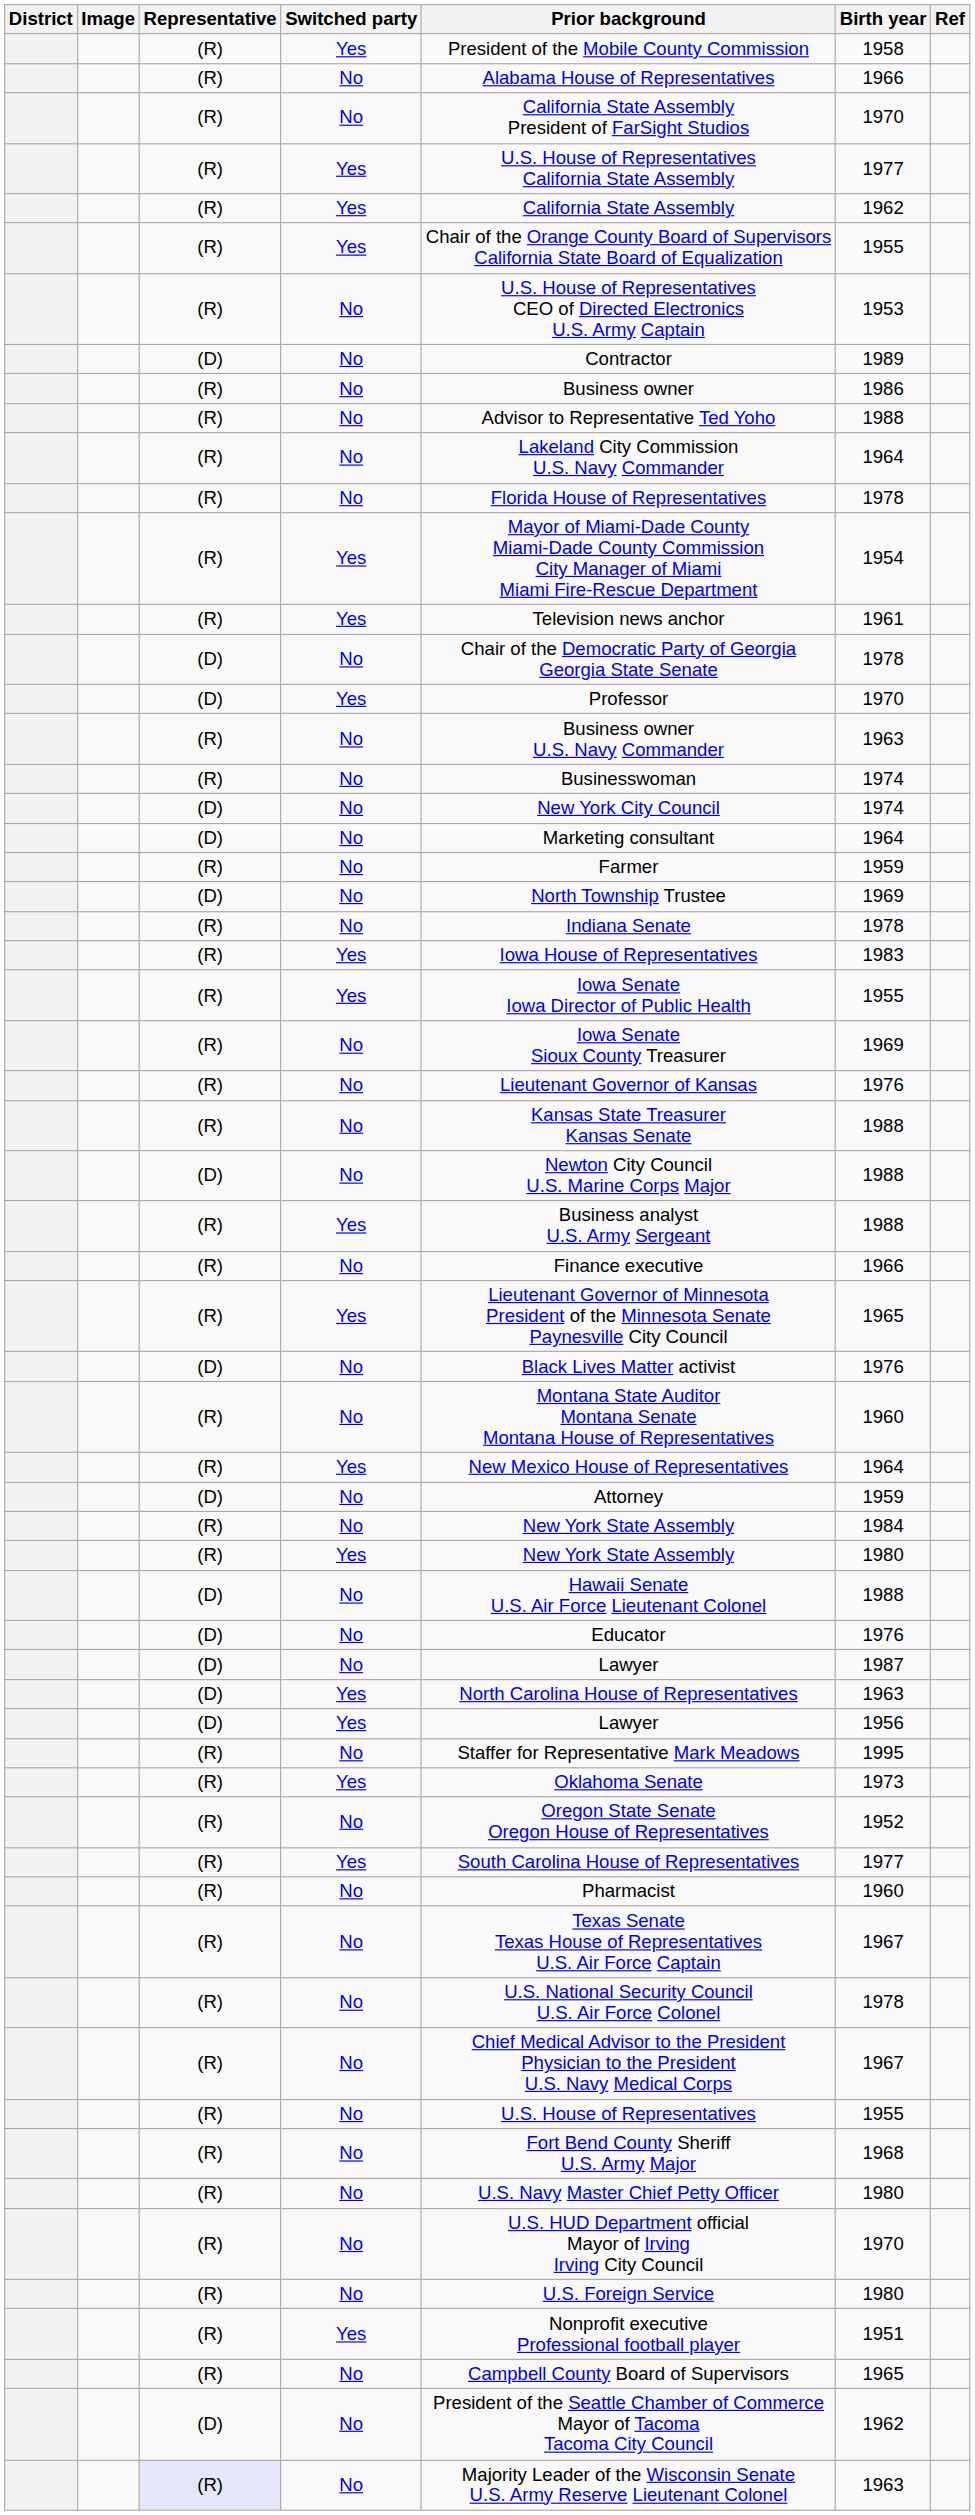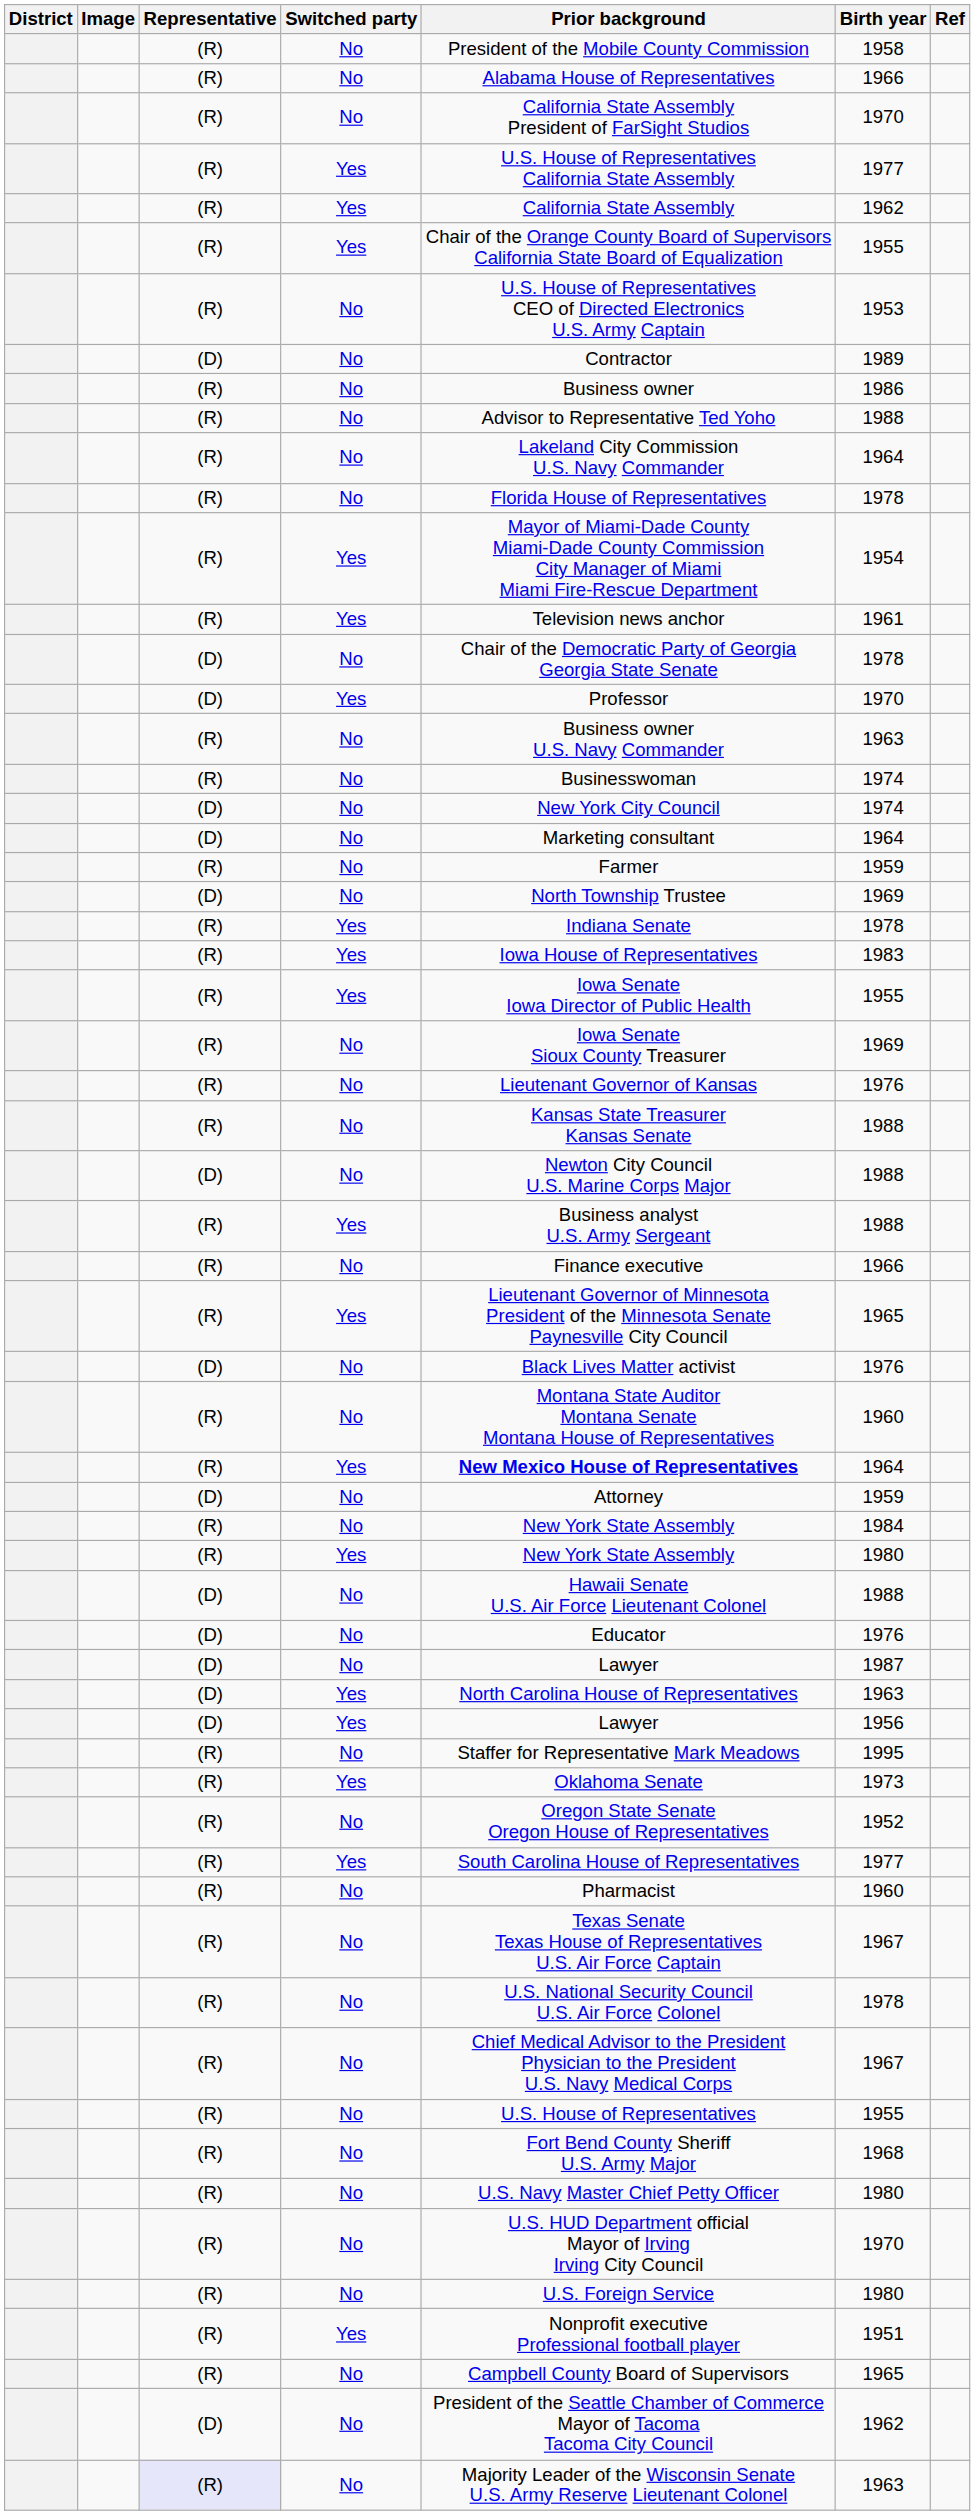 <table class="sortable wikitable" style="text-align:center">
 <tr>
 <th>District</th>
 <th>Image</th>
 <th>Representative</th>
 <th>Switched party</th>
 <th>Prior background</th>
 <th>Birth year</th>
 <th>Ref</th>
 </tr>
 <tr>
 <th></th>
 <td></td>
 <td> (R)</td>
-<td><a href='#'>Yes</a><br></td>
+<td><a href='#'>No</a><br></td>
 <td>President of the <a href='#'>Mobile County Commission</a></td>
 <td>1958</td>
 <td></td>
 </tr>
 <tr>
 <th></th>
 <td></td>
 <td> (R)</td>
 <td><a href='#'>No</a><br></td>
 <td><a href='#'>Alabama House of Representatives</a></td>
 <td>1966</td>
 <td></td>
 </tr>
 <tr>
 <th></th>
 <td></td>
 <td> (R)</td>
 <td><a href='#'>No</a><br></td>
 <td><a href='#'>California State Assembly</a><br>President of <a href='#'>FarSight Studios</a></td>
 <td>1970</td>
 <td></td>
 </tr>
 <tr>
 <th></th>
 <td></td>
 <td> (R)</td>
 <td><a href='#'>Yes</a><br></td>
 <td><a href='#'>U.S. House of Representatives</a><br><a href='#'>California State Assembly</a></td>
 <td>1977</td>
 <td></td>
 </tr>
 <tr>
 <th></th>
 <td></td>
 <td> (R)</td>
 <td><a href='#'>Yes</a><br></td>
 <td><a href='#'>California State Assembly</a></td>
 <td>1962</td>
 <td></td>
 </tr>
 <tr>
 <th></th>
 <td></td>
 <td> (R)</td>
 <td><a href='#'>Yes</a><br></td>
 <td>Chair of the <a href='#'>Orange County Board of Supervisors</a><br><a href='#'>California State Board of Equalization</a></td>
 <td>1955</td>
 <td></td>
 </tr>
 <tr>
 <th></th>
 <td></td>
 <td> (R)</td>
 <td><a href='#'>No</a><br></td>
 <td><a href='#'>U.S. House of Representatives</a><br>CEO of <a href='#'>Directed Electronics</a><br><a href='#'>U.S. Army</a> <a href='#'>Captain</a></td>
 <td>1953</td>
 <td></td>
 </tr>
 <tr>
 <th></th>
 <td></td>
 <td> (D)</td>
 <td><a href='#'>No</a><br></td>
 <td>Contractor</td>
 <td>1989</td>
 <td></td>
 </tr>
 <tr>
 <th></th>
 <td></td>
 <td> (R)</td>
 <td><a href='#'>No</a><br></td>
 <td>Business owner</td>
 <td>1986</td>
 <td></td>
 </tr>
 <tr>
 <th></th>
 <td></td>
 <td> (R)</td>
 <td><a href='#'>No</a><br></td>
 <td>Advisor to Representative <a href='#'>Ted Yoho</a></td>
 <td>1988</td>
 <td></td>
 </tr>
 <tr>
 <th></th>
 <td></td>
 <td> (R)</td>
 <td><a href='#'>No</a><br></td>
 <td><a href='#'>Lakeland</a> City Commission<br><a href='#'>U.S. Navy</a> <a href='#'>Commander</a></td>
 <td>1964</td>
 <td></td>
 </tr>
 <tr>
 <th></th>
 <td></td>
 <td> (R)</td>
 <td><a href='#'>No</a><br></td>
 <td><a href='#'>Florida House of Representatives</a></td>
 <td>1978</td>
 <td></td>
 </tr>
 <tr>
 <th></th>
 <td></td>
 <td> (R)</td>
 <td><a href='#'>Yes</a><br></td>
 <td><a href='#'>Mayor of Miami-Dade County</a><br><a href='#'>Miami-Dade County Commission</a><br><a href='#'>City Manager of Miami</a><br><a href='#'>Miami Fire-Rescue Department</a></td>
 <td>1954</td>
 <td></td>
 </tr>
 <tr>
 <th></th>
 <td></td>
 <td> (R)</td>
 <td><a href='#'>Yes</a><br></td>
 <td>Television news anchor</td>
 <td>1961</td>
 <td></td>
 </tr>
 <tr>
 <th></th>
 <td></td>
 <td> (D)</td>
 <td><a href='#'>No</a><br></td>
 <td>Chair of the <a href='#'>Democratic Party of Georgia</a><br><a href='#'>Georgia State Senate</a></td>
 <td>1978</td>
 <td></td>
 </tr>
 <tr>
 <th></th>
 <td></td>
 <td> (D)</td>
 <td><a href='#'>Yes</a><br></td>
 <td>Professor</td>
 <td>1970</td>
 <td></td>
 </tr>
 <tr>
 <th></th>
 <td></td>
 <td> (R)</td>
 <td><a href='#'>No</a><br></td>
 <td>Business owner<br><a href='#'>U.S. Navy</a> <a href='#'>Commander</a></td>
 <td>1963</td>
 <td></td>
 </tr>
 <tr>
 <th></th>
 <td></td>
 <td> (R)</td>
 <td><a href='#'>No</a><br></td>
 <td>Businesswoman</td>
 <td>1974</td>
 <td></td>
 </tr>
 <tr>
 <th></th>
 <td></td>
 <td> (D)</td>
 <td><a href='#'>No</a><br></td>
 <td><a href='#'>New York City Council</a></td>
 <td>1974</td>
 <td></td>
 </tr>
 <tr>
 <th></th>
 <td></td>
 <td> (D)</td>
 <td><a href='#'>No</a><br></td>
 <td>Marketing consultant</td>
 <td>1964</td>
 <td></td>
 </tr>
 <tr>
 <th></th>
 <td></td>
 <td> (R)</td>
 <td><a href='#'>No</a><br></td>
 <td>Farmer</td>
 <td>1959</td>
 <td></td>
 </tr>
 <tr>
 <th></th>
 <td></td>
 <td> (D)</td>
 <td><a href='#'>No</a><br></td>
 <td><a href='#'>North Township</a> Trustee</td>
 <td>1969</td>
 <td></td>
 </tr>
 <tr>
 <th></th>
 <td></td>
 <td> (R)</td>
-<td><a href='#'>No</a><br></td>
+<td><a href='#'>Yes</a><br></td>
 <td><a href='#'>Indiana Senate</a></td>
 <td>1978</td>
 <td></td>
 </tr>
 <tr>
 <th></th>
 <td></td>
 <td> (R)</td>
 <td><a href='#'>Yes</a><br></td>
 <td><a href='#'>Iowa House of Representatives</a></td>
 <td>1983</td>
 <td></td>
 </tr>
 <tr>
 <th></th>
 <td></td>
 <td> (R)</td>
 <td><a href='#'>Yes</a><br></td>
 <td><a href='#'>Iowa Senate</a><br><a href='#'>Iowa Director of Public Health</a></td>
 <td>1955</td>
 <td></td>
 </tr>
 <tr>
 <th></th>
 <td></td>
 <td> (R)</td>
 <td><a href='#'>No</a><br></td>
 <td><a href='#'>Iowa Senate</a><br><a href='#'>Sioux County</a> Treasurer</td>
 <td>1969</td>
 <td></td>
 </tr>
 <tr>
 <th></th>
 <td></td>
 <td> (R)</td>
 <td><a href='#'>No</a><br></td>
 <td><a href='#'>Lieutenant Governor of Kansas</a></td>
 <td>1976</td>
 <td></td>
 </tr>
 <tr>
 <th></th>
 <td></td>
 <td> (R)</td>
 <td><a href='#'>No</a><br></td>
 <td><a href='#'>Kansas State Treasurer</a><br><a href='#'>Kansas Senate</a></td>
 <td>1988</td>
 <td></td>
 </tr>
 <tr>
 <th></th>
 <td></td>
 <td> (D)</td>
 <td><a href='#'>No</a><br></td>
 <td><a href='#'>Newton</a> City Council<br><a href='#'>U.S. Marine Corps</a> <a href='#'>Major</a></td>
 <td>1988</td>
 <td></td>
 </tr>
 <tr>
 <th></th>
 <td></td>
 <td> (R)</td>
 <td><a href='#'>Yes</a><br></td>
 <td>Business analyst<br><a href='#'>U.S. Army</a> <a href='#'>Sergeant</a></td>
 <td>1988</td>
 <td></td>
 </tr>
 <tr>
 <th></th>
 <td></td>
 <td> (R)</td>
 <td><a href='#'>No</a><br></td>
 <td>Finance executive</td>
 <td>1966</td>
 <td></td>
 </tr>
 <tr>
 <th></th>
 <td></td>
 <td> (R)</td>
 <td><a href='#'>Yes</a><br></td>
 <td><a href='#'>Lieutenant Governor of Minnesota</a><br><a href='#'>President</a> of the <a href='#'>Minnesota Senate</a><br><a href='#'>Paynesville</a> City Council</td>
 <td>1965</td>
 <td></td>
 </tr>
 <tr>
 <th></th>
 <td></td>
 <td> (D)</td>
 <td><a href='#'>No</a><br></td>
 <td><a href='#'>Black Lives Matter</a> activist</td>
 <td>1976</td>
 <td></td>
 </tr>
 <tr>
 <th></th>
 <td></td>
 <td> (R)</td>
 <td><a href='#'>No</a><br></td>
 <td><a href='#'>Montana State Auditor</a><br><a href='#'>Montana Senate</a><br><a href='#'>Montana House of Representatives</a></td>
 <td>1960</td>
 <td></td>
 </tr>
 <tr>
 <th></th>
 <td></td>
 <td> (R)</td>
 <td><a href='#'>Yes</a><br></td>
-<td><a href='#'>New Mexico House of Representatives</a></td>
+<td><strong><a href='#'>New Mexico House of Representatives</a></strong></td>
 <td>1964</td>
 <td></td>
 </tr>
 <tr>
 <th></th>
 <td></td>
 <td> (D)</td>
 <td><a href='#'>No</a><br></td>
 <td>Attorney</td>
 <td>1959</td>
 <td></td>
 </tr>
 <tr>
 <th></th>
 <td></td>
 <td> (R)</td>
 <td><a href='#'>No</a><br></td>
 <td><a href='#'>New York State Assembly</a></td>
 <td>1984</td>
 <td></td>
 </tr>
 <tr>
 <th></th>
 <td></td>
 <td> (R)</td>
 <td><a href='#'>Yes</a><br></td>
 <td><a href='#'>New York State Assembly</a></td>
 <td>1980</td>
 <td></td>
 </tr>
 <tr>
 <th></th>
 <td></td>
 <td> (D)</td>
 <td><a href='#'>No</a><br></td>
 <td><a href='#'>Hawaii Senate</a><br><a href='#'>U.S. Air Force</a> <a href='#'>Lieutenant Colonel</a></td>
 <td>1988</td>
 <td></td>
 </tr>
 <tr>
 <th></th>
 <td></td>
 <td> (D)</td>
 <td><a href='#'>No</a><br></td>
 <td>Educator</td>
 <td>1976</td>
 <td></td>
 </tr>
 <tr>
 <th></th>
 <td></td>
 <td> (D)</td>
 <td><a href='#'>No</a><br></td>
 <td>Lawyer</td>
 <td>1987</td>
 <td></td>
 </tr>
 <tr>
 <th></th>
 <td></td>
 <td> (D)</td>
 <td><a href='#'>Yes</a><br></td>
 <td><a href='#'>North Carolina House of Representatives</a></td>
 <td>1963</td>
 <td></td>
 </tr>
 <tr>
 <th></th>
 <td></td>
 <td> (D)</td>
 <td><a href='#'>Yes</a><br></td>
 <td>Lawyer</td>
 <td>1956</td>
 <td></td>
 </tr>
 <tr>
 <th></th>
 <td></td>
 <td> (R)</td>
 <td><a href='#'>No</a><br></td>
 <td>Staffer for Representative <a href='#'>Mark Meadows</a></td>
 <td>1995</td>
 <td></td>
 </tr>
 <tr>
 <th></th>
 <td></td>
 <td> (R)</td>
 <td><a href='#'>Yes</a><br></td>
 <td><a href='#'>Oklahoma Senate</a></td>
 <td>1973</td>
 <td></td>
 </tr>
 <tr>
 <th></th>
 <td></td>
 <td> (R)</td>
 <td><a href='#'>No</a><br></td>
 <td><a href='#'>Oregon State Senate</a><br><a href='#'>Oregon House of Representatives</a></td>
 <td>1952</td>
 <td></td>
 </tr>
 <tr>
 <th></th>
 <td></td>
 <td> (R)</td>
 <td><a href='#'>Yes</a><br></td>
 <td><a href='#'>South Carolina House of Representatives</a></td>
 <td>1977</td>
 <td></td>
 </tr>
 <tr>
 <th></th>
 <td></td>
 <td> (R)</td>
 <td><a href='#'>No</a><br></td>
 <td>Pharmacist</td>
 <td>1960</td>
 <td></td>
 </tr>
 <tr>
 <th></th>
 <td></td>
 <td> (R)</td>
 <td><a href='#'>No</a><br></td>
 <td><a href='#'>Texas Senate</a><br><a href='#'>Texas House of Representatives</a><br><a href='#'>U.S. Air Force</a> <a href='#'>Captain</a></td>
 <td>1967</td>
 <td></td>
 </tr>
 <tr>
 <th></th>
 <td></td>
 <td> (R)</td>
 <td><a href='#'>No</a><br></td>
 <td><a href='#'>U.S. National Security Council</a><br><a href='#'>U.S. Air Force</a> <a href='#'>Colonel</a></td>
 <td>1978</td>
 <td></td>
 </tr>
 <tr>
 <th></th>
 <td></td>
 <td> (R)</td>
 <td><a href='#'>No</a><br></td>
 <td><a href='#'>Chief Medical Advisor to the President</a><br><a href='#'>Physician to the President</a><br><a href='#'>U.S. Navy</a> <a href='#'>Medical Corps</a></td>
 <td>1967</td>
 <td></td>
 </tr>
 <tr>
 <th></th>
 <td></td>
 <td> (R)</td>
 <td><a href='#'>No</a><br></td>
 <td><a href='#'>U.S. House of Representatives</a></td>
 <td>1955</td>
 <td></td>
 </tr>
 <tr>
 <th></th>
 <td></td>
 <td> (R)</td>
 <td><a href='#'>No</a><br></td>
 <td><a href='#'>Fort Bend County</a> Sheriff<br><a href='#'>U.S. Army</a> <a href='#'>Major</a></td>
 <td>1968</td>
 <td></td>
 </tr>
 <tr>
 <th></th>
 <td></td>
 <td> (R)</td>
 <td><a href='#'>No</a><br></td>
 <td><a href='#'>U.S. Navy</a> <a href='#'>Master Chief Petty Officer</a></td>
 <td>1980</td>
 <td></td>
 </tr>
 <tr>
 <th></th>
 <td></td>
 <td> (R)</td>
 <td><a href='#'>No</a><br></td>
 <td><a href='#'>U.S. HUD Department</a> official<br>Mayor of <a href='#'>Irving</a><br><a href='#'>Irving</a> City Council</td>
 <td>1970</td>
 <td></td>
 </tr>
 <tr>
 <th></th>
 <td></td>
 <td> (R)</td>
 <td><a href='#'>No</a><br></td>
 <td><a href='#'>U.S. Foreign Service</a></td>
 <td>1980</td>
 <td></td>
 </tr>
 <tr>
 <th></th>
 <td></td>
 <td> (R)</td>
 <td><a href='#'>Yes</a><br></td>
 <td>Nonprofit executive<br><a href='#'>Professional football player</a></td>
 <td>1951</td>
 <td></td>
 </tr>
 <tr>
 <th></th>
 <td></td>
 <td> (R)</td>
 <td><a href='#'>No</a><br></td>
 <td><a href='#'>Campbell County</a> Board of Supervisors</td>
 <td>1965</td>
 <td></td>
 </tr>
 <tr>
 <th></th>
 <td></td>
 <td> (D)</td>
 <td><a href='#'>No</a><br></td>
 <td>President of the <a href='#'>Seattle Chamber of Commerce</a><br>Mayor of <a href='#'>Tacoma</a><br><a href='#'>Tacoma City Council</a></td>
 <td>1962</td>
 <td></td>
 </tr>
 <tr>
 <th></th>
 <td></td>
 <td style="background: lavender;"> (R)</td>
 <td><a href='#'>No</a><br></td>
 <td>Majority Leader of the <a href='#'>Wisconsin Senate</a><br><a href='#'>U.S. Army Reserve</a> <a href='#'>Lieutenant Colonel</a></td>
 <td>1963</td>
 <td></td>
 </tr>
 </table>
